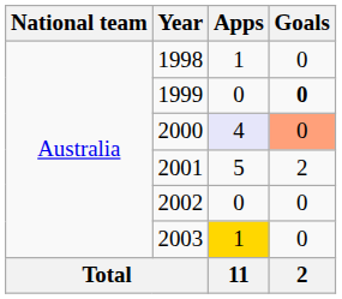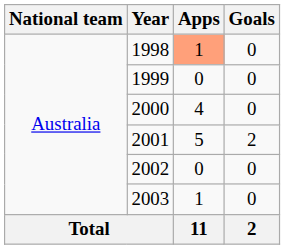 <table class="wikitable" style="text-align:center">
 <tr>
 <th>National team</th>
 <th>Year</th>
 <th>Apps</th>
 <th>Goals</th>
 </tr>
 <tr>
 <td rowspan="6"><a href='#'>Australia</a></td>
 <td>1998</td>
-<td>1</td>
+<td style="background: lightsalmon;">1</td>
 <td>0</td>
 </tr>
 <tr>
 <td>1999</td>
 <td>0</td>
-<td><strong>0</strong></td>
+<td>0</td>
 </tr>
 <tr>
 <td>2000</td>
-<td style="background: lavender;">4</td>
-<td style="background: lightsalmon;">0</td>
+<td>4</td>
+<td>0</td>
 </tr>
 <tr>
 <td>2001</td>
 <td>5</td>
 <td>2</td>
 </tr>
 <tr>
 <td>2002</td>
 <td>0</td>
 <td>0</td>
 </tr>
 <tr>
 <td>2003</td>
-<td style="background: gold;">1</td>
+<td>1</td>
 <td>0</td>
 </tr>
 <tr>
 <th colspan="2">Total</th>
 <th>11</th>
 <th>2</th>
 </tr>
 </table>
